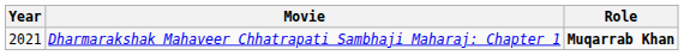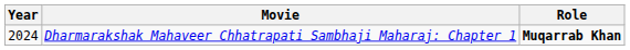 <table class="wikitable">
 <tr>
 <th>Year</th>
 <th>Movie</th>
 <th>Role</th>
 </tr>
 <tr>
-<td>2021</td>
+<td>2024</td>
 <td><em><a href='#'>Dharmarakshak Mahaveer Chhatrapati Sambhaji Maharaj: Chapter 1</a></em></td>
 <td><strong>Muqarrab Khan</strong></td>
 </tr>
 </table>
